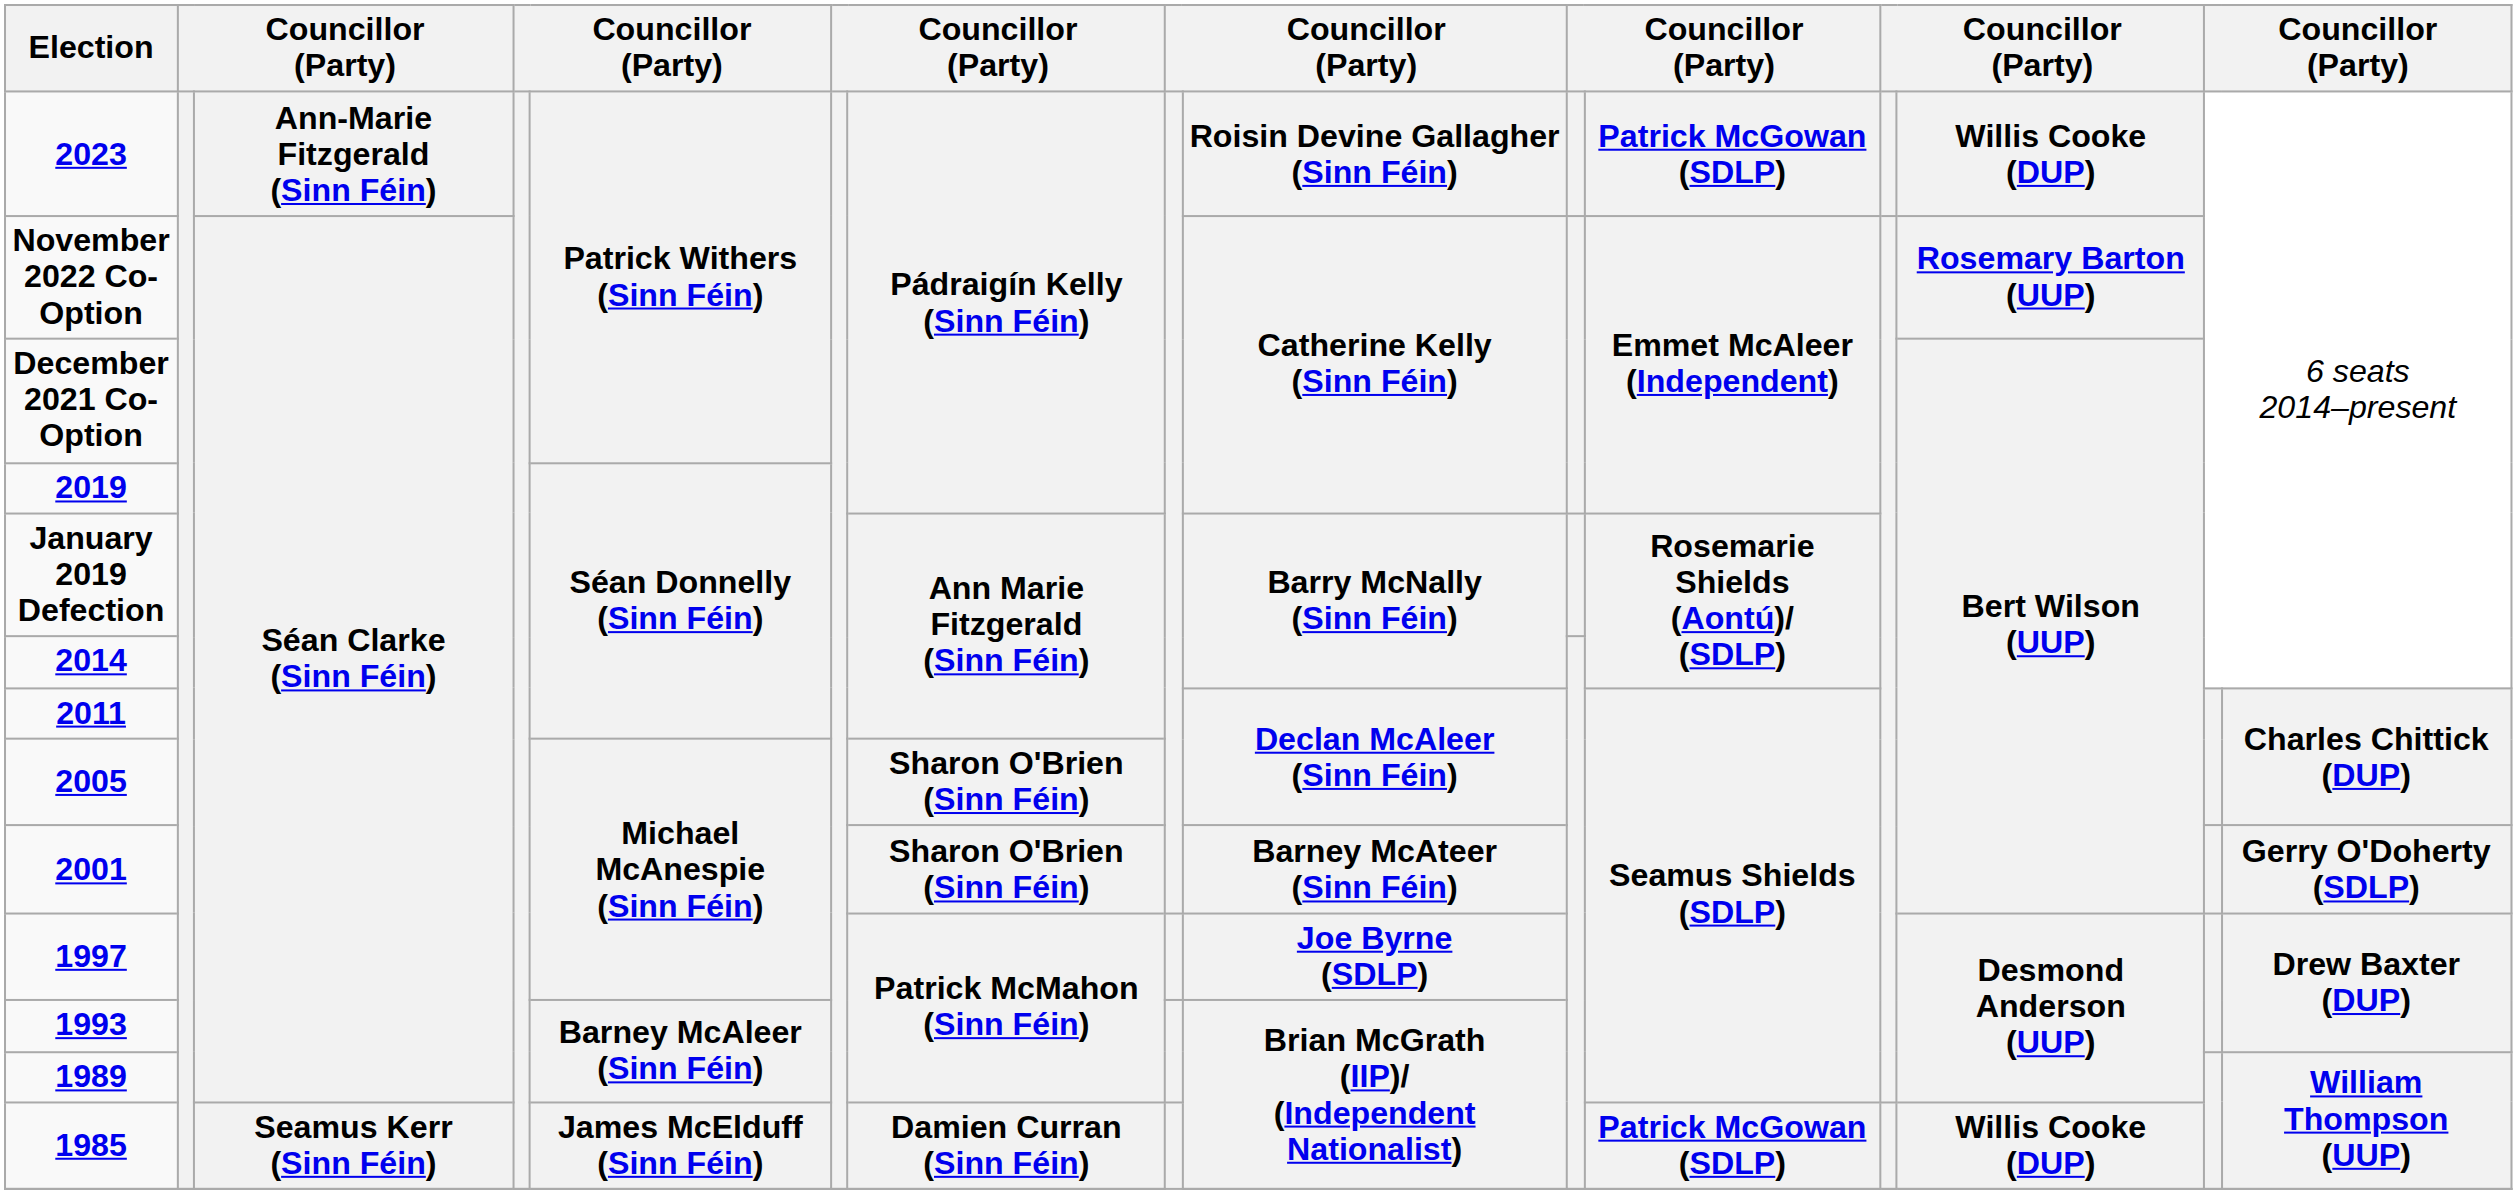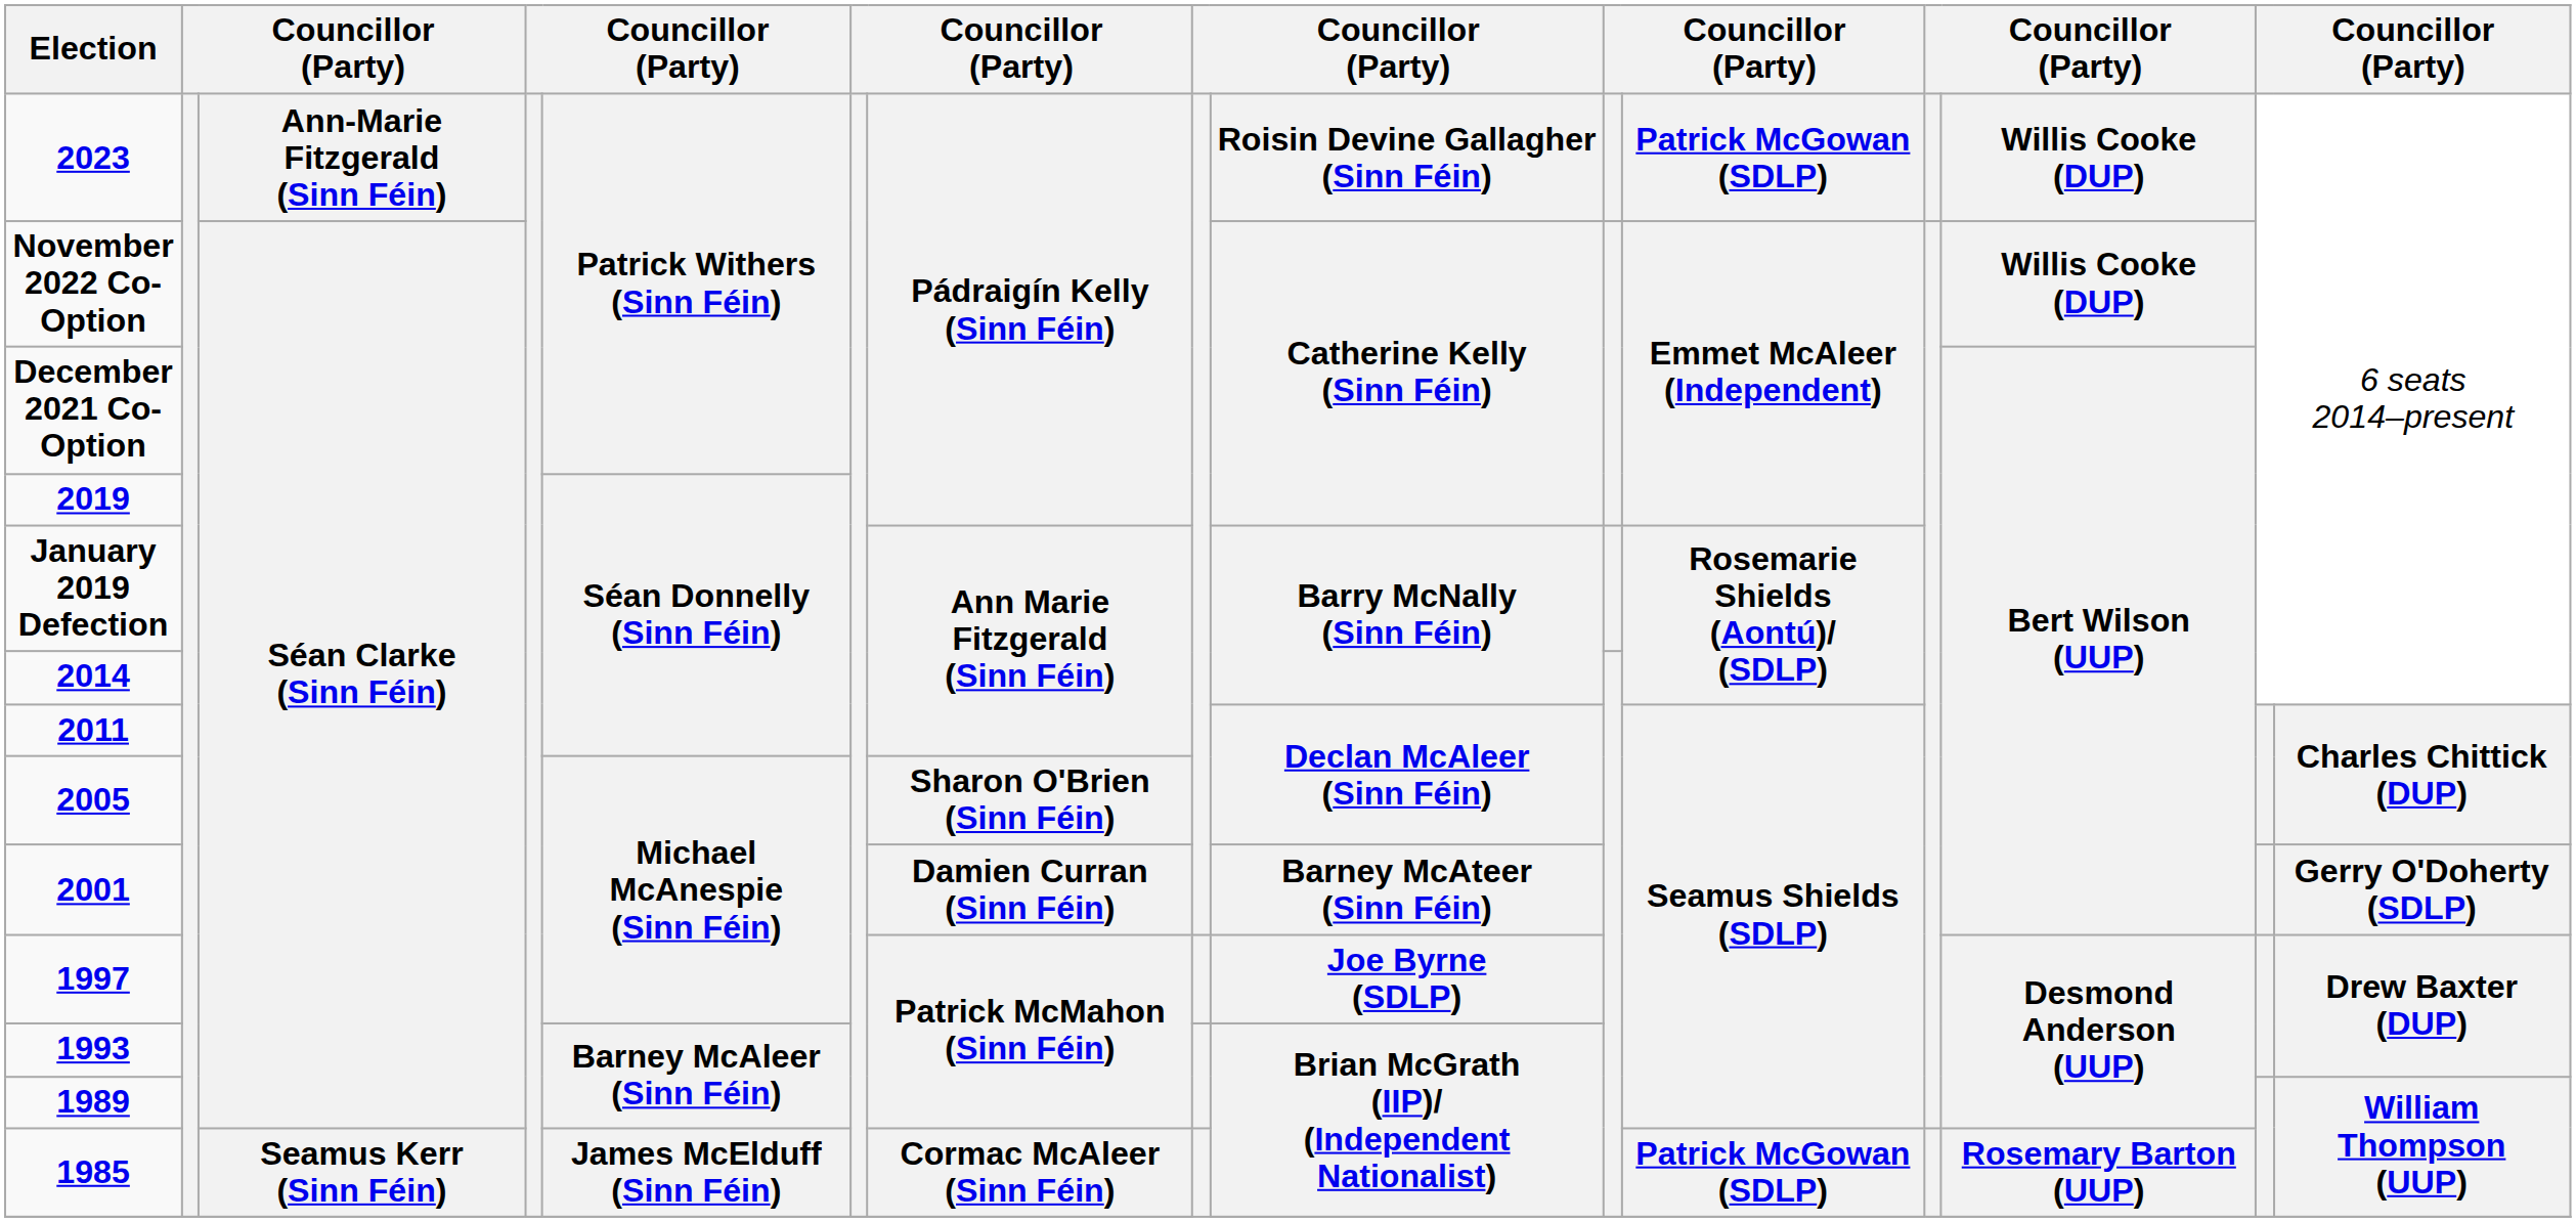 <table class="wikitable" style="text-align:center">
 <tr>
 <th scope="col" width="50">Election</th>
 <th scope="col" width="150" colspan = "2">Councillor<br> (Party)</th>
 <th scope="col" width="150" colspan = "2">Councillor<br> (Party)</th>
 <th scope="col" width="150" colspan = "2">Councillor<br> (Party)</th>
 <th scope="col" width="150" colspan = "2">Councillor<br> (Party)</th>
 <th scope="col" width="150" colspan = "2">Councillor<br> (Party)</th>
 <th scope="col" width="150" colspan = "2">Councillor<br> (Party)</th>
 <th scope="col" width="150" colspan = "2">Councillor<br> (Party)</th>
 </tr>
 <tr>
 <td><strong><a href='#'>2023</a></strong></td>
 <th rowspan="13" width="1" style="background-color: "></th>
 <th rowspan = "1">Ann-Marie Fitzgerald <br> (<a href='#'>Sinn Féin</a>)</th>
 <th rowspan="13" width="1" style="background-color: "></th>
 <th rowspan = "3">Patrick Withers <br> (<a href='#'>Sinn Féin</a>)</th>
 <th rowspan="13" width="1" style="background-color: "></th>
 <th rowspan = "4">Pádraigín Kelly <br> (<a href='#'>Sinn Féin</a>)</th>
 <th rowspan="9" width="1" style="background-color: "></th>
 <th rowspan = "1">Roisin Devine Gallagher <br> (<a href='#'>Sinn Féin</a>)</th>
 <th rowspan="1" width="1" style="background-color: "></th>
 <th rowspan = "1"><a href='#'>Patrick McGowan</a> <br> (<a href='#'>SDLP</a>)</th>
 <th rowspan="1" width="1" style="background-color: "></th>
 <th rowspan = "1">Willis Cooke <br> (<a href='#'>DUP</a>)</th>
 <td colspan="2" rowspan="6" style="background-color:#FFFFFF"><em>6 seats<br>2014–present</em></td>
 </tr>
 <tr>
 <td><strong>November 2022 Co-Option</strong></td>
 <th rowspan = "11">Séan Clarke <br> (<a href='#'>Sinn Féin</a>)</th>
 <th rowspan = "3">Catherine Kelly <br> (<a href='#'>Sinn Féin</a>)</th>
 <th rowspan="3" width="1" style="background-color: "></th>
 <th rowspan = "3">Emmet McAleer <br> (<a href='#'>Independent</a>)</th>
 <th rowspan="11" width="1" style="background-color: "></th>
-<th rowspan = "1"><a href='#'>Rosemary Barton</a> <br> (<a href='#'>UUP</a>)</th>
+<th rowspan = "1">Willis Cooke <br> (<a href='#'>DUP</a>)</th>
 </tr>
 <tr>
 <td><strong>December 2021 Co-Option</strong></td>
 <th rowspan = "7">Bert Wilson <br> (<a href='#'>UUP</a>)</th>
 </tr>
 <tr>
 <td><strong><a href='#'>2019</a></strong></td>
 <th rowspan = "4">Séan Donnelly <br> (<a href='#'>Sinn Féin</a>)</th>
 </tr>
 <tr>
 <td><strong>January 2019 Defection</strong></td>
 <th rowspan = "3">Ann Marie Fitzgerald <br> (<a href='#'>Sinn Féin</a>)</th>
 <th rowspan = "2">Barry McNally <br> (<a href='#'>Sinn Féin</a>)</th>
 <th rowspan="1" width="1" style="background-color: "></th>
 <th rowspan = "2">Rosemarie Shields <br> (<a href='#'>Aontú</a>)/ <br> (<a href='#'>SDLP</a>)</th>
 </tr>
 <tr>
 <td><strong><a href='#'>2014</a></strong></td>
 <th rowspan="8" width="1" style="background-color: "></th>
 </tr>
 <tr>
 <td><strong><a href='#'>2011</a></strong></td>
 <th rowspan = "2"><a href='#'>Declan McAleer</a> <br> (<a href='#'>Sinn Féin</a>)</th>
 <th rowspan = "6">Seamus Shields <br> (<a href='#'>SDLP</a>)</th>
 <th rowspan="2" width="1" style="background-color: "></th>
 <th rowspan = "2">Charles Chittick <br> (<a href='#'>DUP</a>)</th>
 </tr>
 <tr>
 <td><strong><a href='#'>2005</a></strong></td>
 <th rowspan = "3">Michael McAnespie <br> (<a href='#'>Sinn Féin</a>)</th>
 <th rowspan = "1">Sharon O'Brien <br> (<a href='#'>Sinn Féin</a>)</th>
 </tr>
 <tr>
 <td><strong><a href='#'>2001</a></strong></td>
-<th rowspan = "1">Sharon O'Brien <br> (<a href='#'>Sinn Féin</a>)</th>
+<th rowspan = "1">Damien Curran <br> (<a href='#'>Sinn Féin</a>)</th>
 <th rowspan = "1">Barney McAteer <br> (<a href='#'>Sinn Féin</a>)</th>
 <th rowspan="1" width="1" style="background-color: "></th>
 <th rowspan = "1">Gerry O'Doherty <br> (<a href='#'>SDLP</a>)</th>
 </tr>
 <tr>
 <td><strong><a href='#'>1997</a></strong></td>
 <th rowspan = "3">Patrick McMahon <br> (<a href='#'>Sinn Féin</a>)</th>
 <th rowspan="1" width="1" style="background-color: "></th>
 <th rowspan = "1"><a href='#'>Joe Byrne</a> <br> (<a href='#'>SDLP</a>)</th>
 <th rowspan = "3">Desmond Anderson <br> (<a href='#'>UUP</a>)</th>
 <th rowspan="2" width="1" style="background-color: "></th>
 <th rowspan = "2">Drew Baxter <br> (<a href='#'>DUP</a>)</th>
 </tr>
 <tr>
 <td><strong><a href='#'>1993</a></strong></td>
 <th rowspan = "2">Barney McAleer <br> (<a href='#'>Sinn Féin</a>)</th>
 <th rowspan="2" width="1" style="background-color: "></th>
 <th rowspan = "3">Brian McGrath <br> (<a href='#'>IIP</a>)/ <br> (<a href='#'>Independent Nationalist</a>)</th>
 </tr>
 <tr>
 <td><strong><a href='#'>1989</a></strong></td>
 <th rowspan="2" width="1" style="background-color: "></th>
 <th rowspan = "2"><a href='#'>William Thompson</a> <br> (<a href='#'>UUP</a>)</th>
 </tr>
 <tr>
 <td><strong><a href='#'>1985</a></strong></td>
 <th rowspan = "1">Seamus Kerr <br> (<a href='#'>Sinn Féin</a>)</th>
 <th rowspan = "1">James McElduff <br> (<a href='#'>Sinn Féin</a>)</th>
-<th rowspan = "1">Damien Curran <br> (<a href='#'>Sinn Féin</a>)</th>
+<th rowspan = "1">Cormac McAleer <br> (<a href='#'>Sinn Féin</a>)</th>
 <th rowspan="2" width="1" style="background-color: "></th>
 <th rowspan = "1"><a href='#'>Patrick McGowan</a> <br> (<a href='#'>SDLP</a>)</th>
 <th rowspan="1" width="1" style="background-color: "></th>
-<th rowspan = "1">Willis Cooke <br> (<a href='#'>DUP</a>)</th>
+<th rowspan = "1"><a href='#'>Rosemary Barton</a> <br> (<a href='#'>UUP</a>)</th>
 </tr>
 <tr>
 </tr>
 </table>
